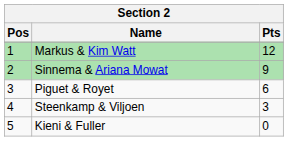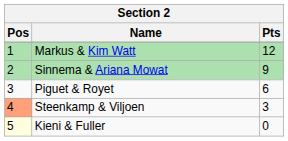 <table class="wikitable">
 <tr>
 <th colspan="6">Section 2</th>
 </tr>
 <tr>
 <th width=30>Pos</th>
 <th width=300>Name</th>
 <th width=20>Pts</th>
 </tr>
 <tr>
 </tr>
 <tr style="background:#ACE1AF;">
 <td>1</td>
 <td> Markus &  <a href='#'>Kim Watt</a></td>
 <td>12</td>
 </tr>
 <tr style="background:#ACE1AF;">
 <td>2</td>
 <td> Sinnema &  <a href='#'>Ariana Mowat</a></td>
 <td>9</td>
 </tr>
 <tr>
 <td>3</td>
 <td> Piguet & Royet</td>
 <td>6</td>
 </tr>
 <tr>
-<td>4</td>
+<td style="background: lightsalmon;">4</td>
 <td> Steenkamp & Viljoen</td>
 <td>3</td>
 </tr>
 <tr>
-<td>5</td>
+<td style="background: lightyellow;">5</td>
 <td> Kieni & Fuller</td>
 <td>0</td>
 </tr>
 </table>
